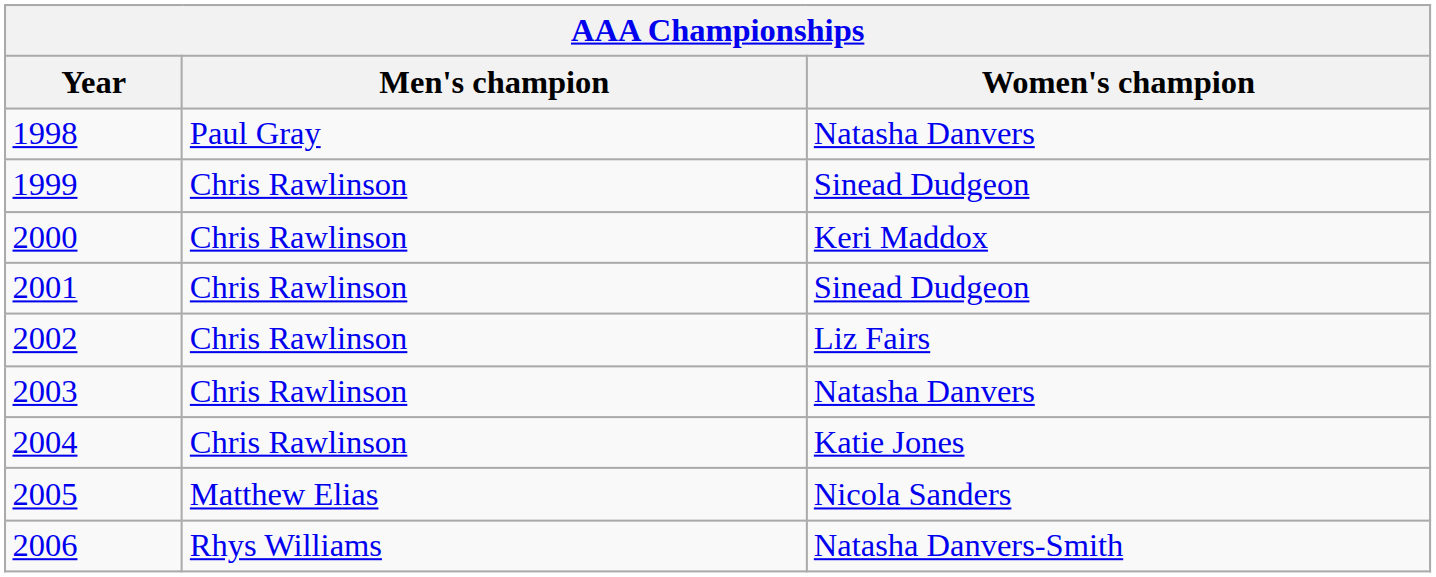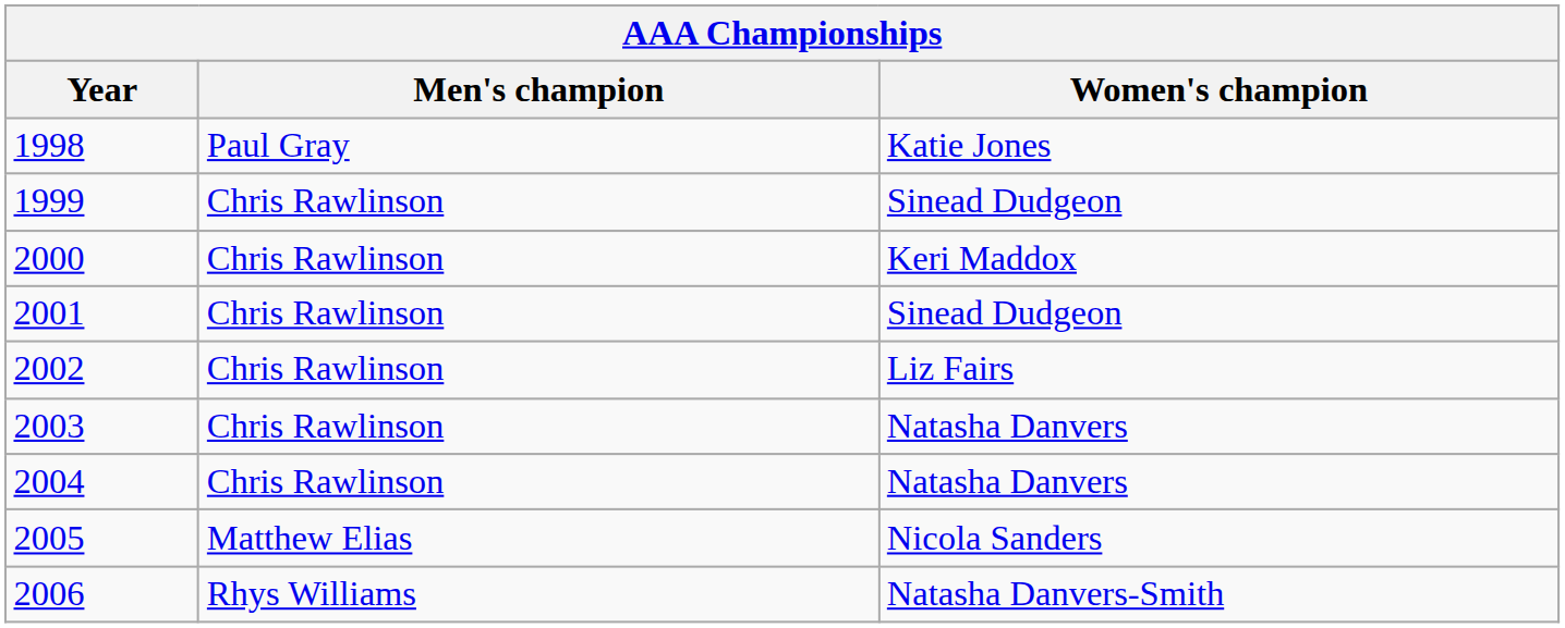 <table class="wikitable">
 <tr>
 <th colspan="3"><a href='#'>AAA Championships</a><br></th>
 </tr>
 <tr>
 <th width=80>Year</th>
 <th width=300>Men's champion</th>
 <th width=300>Women's champion</th>
 </tr>
 <tr>
 <td><a href='#'>1998</a></td>
 <td><a href='#'>Paul Gray</a></td>
-<td><a href='#'>Natasha Danvers</a></td>
+<td><a href='#'>Katie Jones</a></td>
 </tr>
 <tr>
 <td><a href='#'>1999</a></td>
 <td><a href='#'>Chris Rawlinson</a></td>
 <td><a href='#'>Sinead Dudgeon</a></td>
 </tr>
 <tr>
 <td><a href='#'>2000</a></td>
 <td><a href='#'>Chris Rawlinson</a></td>
 <td><a href='#'>Keri Maddox</a></td>
 </tr>
 <tr>
 <td><a href='#'>2001</a></td>
 <td><a href='#'>Chris Rawlinson</a></td>
 <td><a href='#'>Sinead Dudgeon</a></td>
 </tr>
 <tr>
 <td><a href='#'>2002</a></td>
 <td><a href='#'>Chris Rawlinson</a></td>
 <td><a href='#'>Liz Fairs</a></td>
 </tr>
 <tr>
 <td><a href='#'>2003</a></td>
 <td><a href='#'>Chris Rawlinson</a></td>
 <td><a href='#'>Natasha Danvers</a></td>
 </tr>
 <tr>
 <td><a href='#'>2004</a></td>
 <td><a href='#'>Chris Rawlinson</a></td>
-<td><a href='#'>Katie Jones</a></td>
+<td><a href='#'>Natasha Danvers</a></td>
 </tr>
 <tr>
 <td><a href='#'>2005</a></td>
 <td><a href='#'>Matthew Elias</a></td>
 <td><a href='#'>Nicola Sanders</a></td>
 </tr>
 <tr>
 <td><a href='#'>2006</a></td>
 <td><a href='#'>Rhys Williams</a></td>
 <td><a href='#'>Natasha Danvers-Smith</a></td>
 </tr>
 </table>
